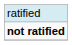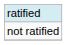 <table class=wikitable>
 <tr>
 <td bgcolor="#D6ECF3">ratified</td>
 </tr>
 <tr>
-<td bgcolor=><strong>not ratified</strong></td>
+<td bgcolor=>not ratified</td>
 </tr>
 <tr>
 </tr>
 </table>
